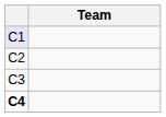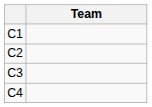 <table class="wikitable" style="display:inline-table;">
 <tr>
 <th></th>
 <th width=150>Team</th>
 </tr>
 <tr>
-<td align=center style="background: lavender;">C1</td>
+<td align=center>C1</td>
 <td></td>
 </tr>
 <tr>
 <td align=center>C2</td>
 <td></td>
 </tr>
 <tr>
 <td align=center>C3</td>
 <td></td>
 </tr>
 <tr>
-<td align=center><strong>C4</strong></td>
+<td align=center>C4</td>
 <td></td>
 </tr>
 </table>
